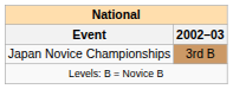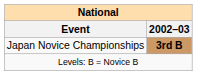 <table class="wikitable" style="text-align:center">
 <tr>
 <th colspan="2" style="background-color: #ffdead;">National</th>
 </tr>
 <tr>
 <th>Event</th>
 <th>2002–03</th>
 </tr>
 <tr>
 <td align="left">Japan Novice Championships</td>
-<td bgcolor="cc9966">3rd B</td>
+<td bgcolor="cc9966"><strong>3rd B</strong></td>
 </tr>
 <tr>
 <td colspan="2"><small> Levels: B = Novice B</small></td>
 </tr>
 </table>
